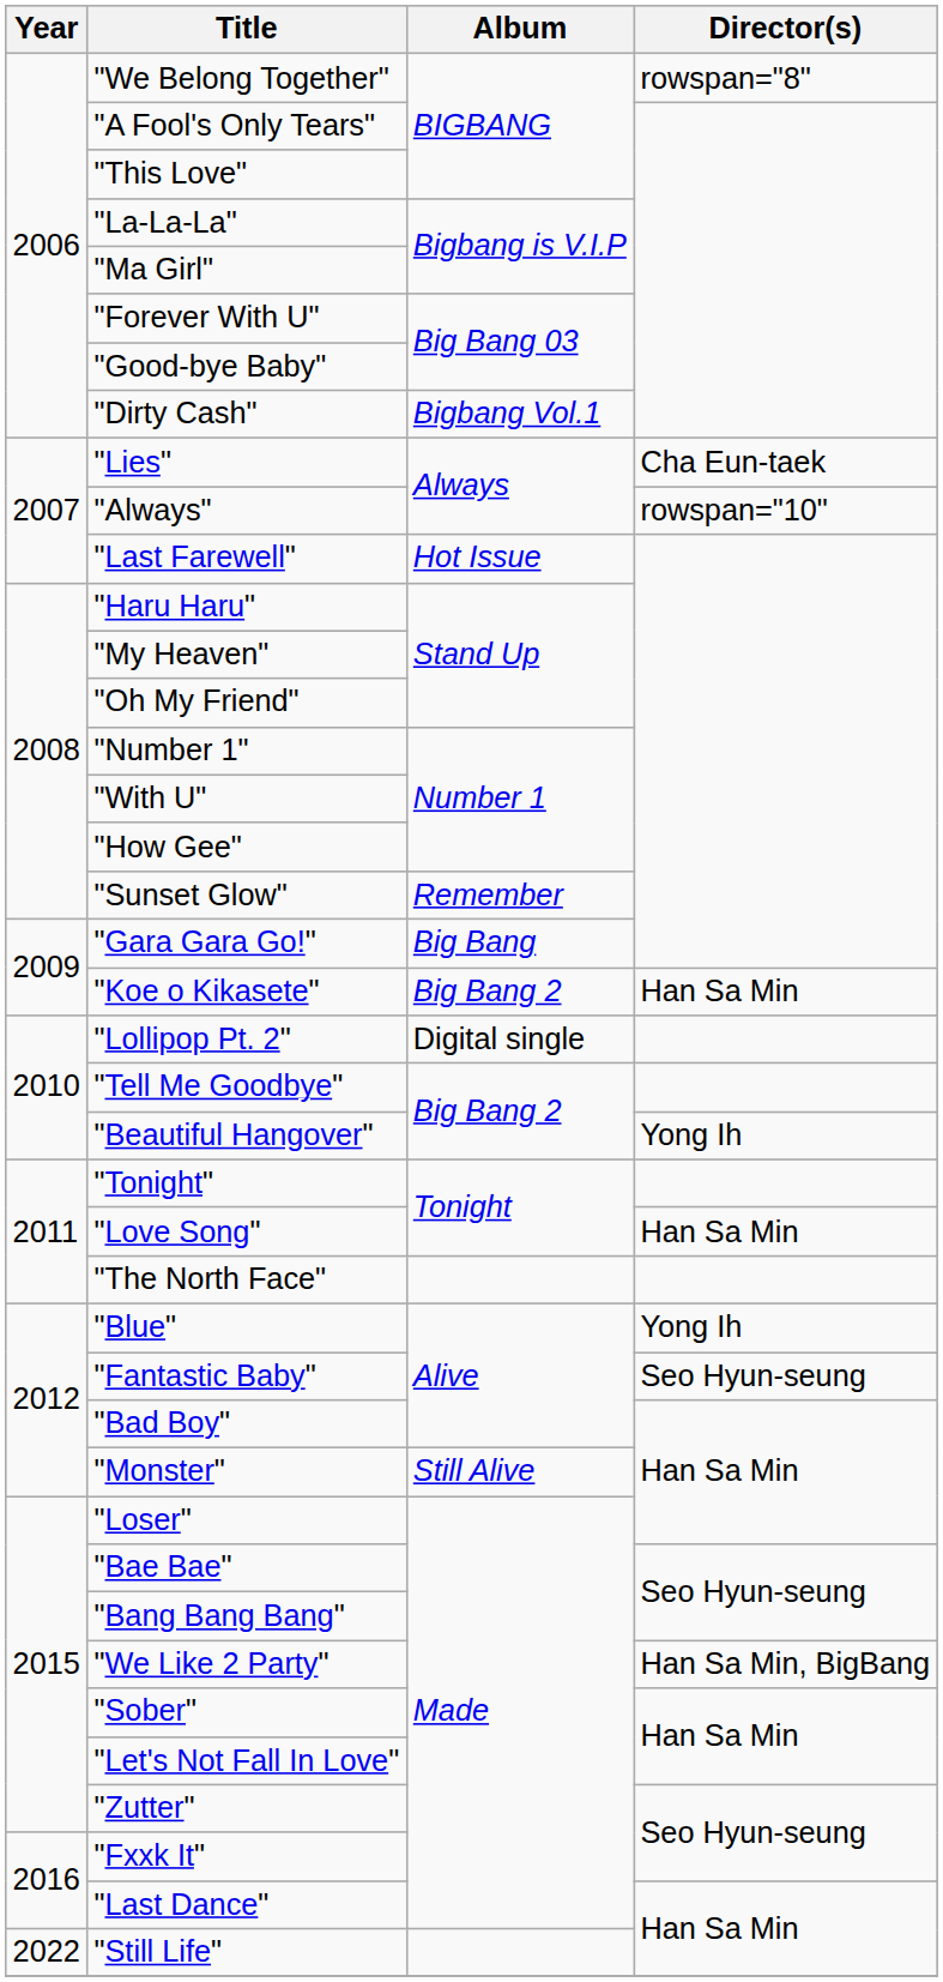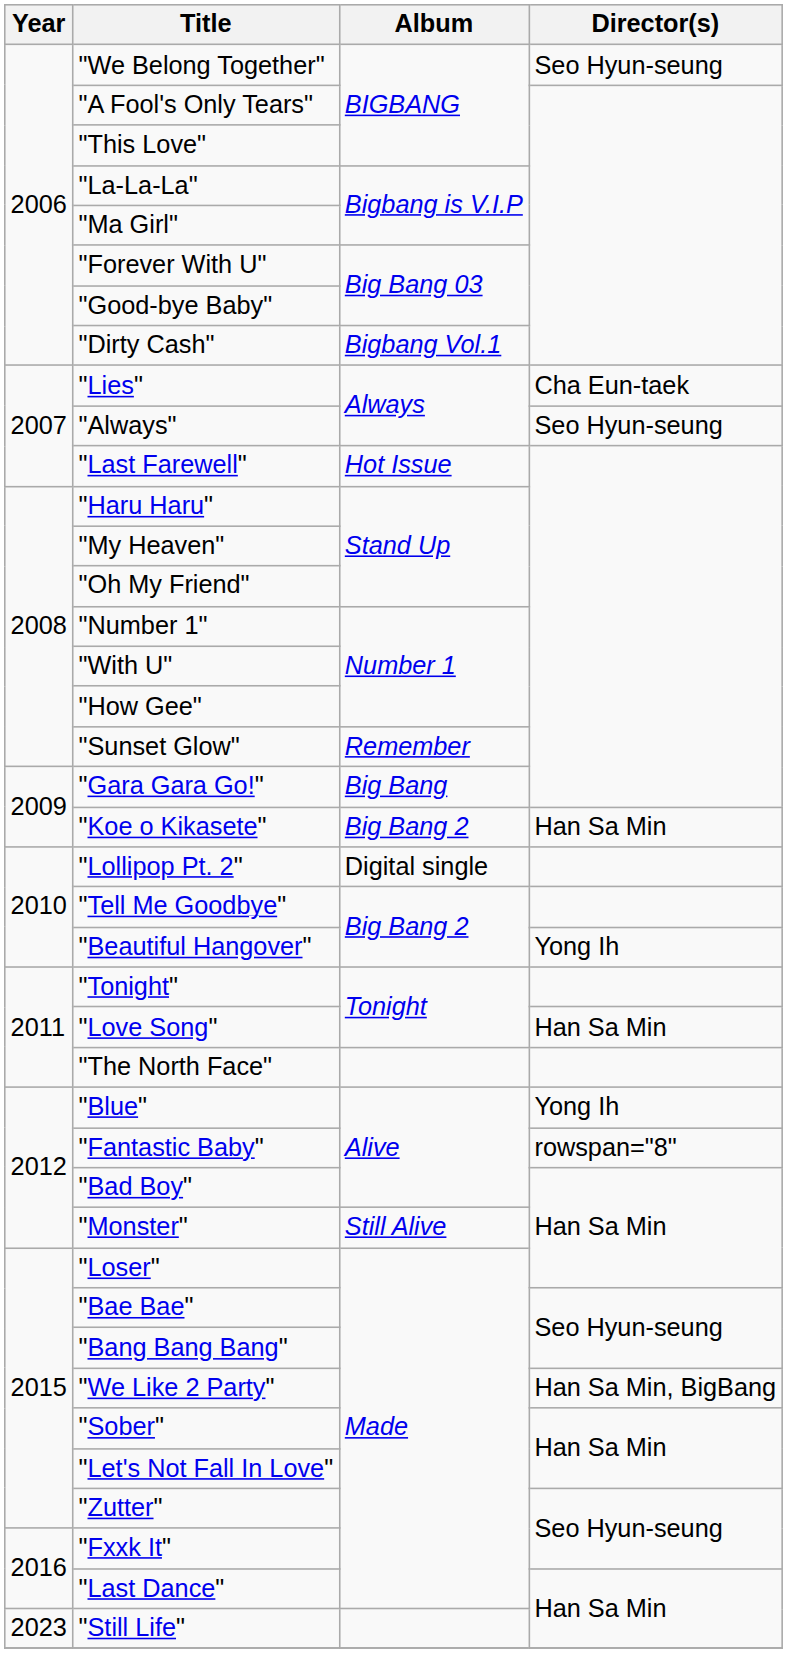 <table class="wikitable plainrowheaders">
 <tr>
 <th scope="col">Year</th>
 <th scope="col">Title</th>
 <th soope="col">Album</th>
 <th scope="col">Director(s)</th>
 </tr>
 <tr>
 <td rowspan="8">2006</td>
 <td>"We Belong Together"</td>
 <td rowspan="3"><em><a href='#'>BIGBANG</a></em></td>
-<td>rowspan="8" </td>
+<td>Seo Hyun-seung</td>
 </tr>
 <tr>
 <td>"A Fool's Only Tears"</td>
 </tr>
 <tr>
 <td>"This Love"</td>
 </tr>
 <tr>
 <td>"La-La-La"</td>
 <td rowspan="2"><em><a href='#'>Bigbang is V.I.P</a></em></td>
 </tr>
 <tr>
 <td>"Ma Girl"</td>
 </tr>
 <tr>
 <td>"Forever With U"</td>
 <td rowspan="2"><em><a href='#'>Big Bang 03</a></em></td>
 </tr>
 <tr>
 <td>"Good-bye Baby"</td>
 </tr>
 <tr>
 <td>"Dirty Cash"</td>
 <td><em><a href='#'>Bigbang Vol.1</a></em></td>
 </tr>
 <tr>
 <td rowspan="3">2007</td>
 <td>"<a href='#'>Lies</a>"</td>
 <td rowspan="2"><em><a href='#'>Always</a></em></td>
 <td>Cha Eun-taek</td>
 </tr>
 <tr>
 <td>"Always"</td>
-<td>rowspan="10" </td>
+<td>Seo Hyun-seung</td>
 </tr>
 <tr>
 <td>"<a href='#'>Last Farewell</a>"</td>
 <td rowspan="1"><em><a href='#'>Hot Issue</a></em></td>
 </tr>
 <tr>
 <td rowspan="7">2008</td>
 <td>"<a href='#'>Haru Haru</a>"</td>
 <td rowspan="3"><em><a href='#'>Stand Up</a></em></td>
 </tr>
 <tr>
 <td>"My Heaven"</td>
 </tr>
 <tr>
 <td>"Oh My Friend"</td>
 </tr>
 <tr>
 <td>"Number 1"</td>
 <td rowspan="3"><em><a href='#'>Number 1</a></em></td>
 </tr>
 <tr>
 <td>"With U"</td>
 </tr>
 <tr>
 <td>"How Gee"</td>
 </tr>
 <tr>
 <td>"Sunset Glow"</td>
 <td rowspan="1"><em><a href='#'>Remember</a></em></td>
 </tr>
 <tr>
 <td rowspan="2">2009</td>
 <td>"<a href='#'>Gara Gara Go!</a>"</td>
 <td rowspan="1"><em><a href='#'>Big Bang</a></em></td>
 </tr>
 <tr>
 <td>"<a href='#'>Koe o Kikasete</a>"</td>
 <td><em><a href='#'>Big Bang 2</a></em></td>
 <td>Han Sa Min</td>
 </tr>
 <tr>
 <td rowspan="3">2010</td>
 <td>"<a href='#'>Lollipop Pt. 2</a>"</td>
 <td>Digital single</td>
 <td></td>
 </tr>
 <tr>
 <td>"<a href='#'>Tell Me Goodbye</a>"</td>
 <td rowspan="2"><em><a href='#'>Big Bang 2</a></em></td>
 <td></td>
 </tr>
 <tr>
 <td>"<a href='#'>Beautiful Hangover</a>"</td>
 <td>Yong Ih</td>
 </tr>
 <tr>
 <td rowspan="3">2011</td>
 <td>"<a href='#'>Tonight</a>"</td>
 <td rowspan="2"><em><a href='#'>Tonight</a></em></td>
 <td></td>
 </tr>
 <tr>
 <td>"<a href='#'>Love Song</a>"</td>
 <td>Han Sa Min</td>
 </tr>
 <tr>
 <td>"The North Face"</td>
 <td></td>
 <td></td>
 </tr>
 <tr>
 <td rowspan="4">2012</td>
 <td>"<a href='#'>Blue</a>"</td>
 <td rowspan="3"><em><a href='#'>Alive</a></em></td>
 <td>Yong Ih</td>
 </tr>
 <tr>
 <td>"<a href='#'>Fantastic Baby</a>"</td>
-<td>Seo Hyun-seung</td>
+<td>rowspan="8" </td>
 </tr>
 <tr>
 <td>"<a href='#'>Bad Boy</a>"</td>
 <td rowspan="3">Han Sa Min</td>
 </tr>
 <tr>
 <td>"<a href='#'>Monster</a>"</td>
 <td rowspan="1"><em><a href='#'>Still Alive</a></em></td>
 </tr>
 <tr>
 <td rowspan="7">2015</td>
 <td>"<a href='#'>Loser</a>"</td>
 <td rowspan="9"><em><a href='#'>Made</a></em></td>
 </tr>
 <tr>
 <td>"<a href='#'>Bae Bae</a>"</td>
 <td rowspan="2">Seo Hyun-seung</td>
 </tr>
 <tr>
 <td>"<a href='#'>Bang Bang Bang</a>"</td>
 </tr>
 <tr>
 <td>"<a href='#'>We Like 2 Party</a>"</td>
 <td>Han Sa Min, BigBang</td>
 </tr>
 <tr>
 <td>"<a href='#'>Sober</a>"</td>
 <td rowspan="2">Han Sa Min</td>
 </tr>
 <tr>
 <td>"<a href='#'>Let's Not Fall In Love</a>"</td>
 </tr>
 <tr>
 <td>"<a href='#'>Zutter</a>"</td>
 <td rowspan="2">Seo Hyun-seung</td>
 </tr>
 <tr>
 <td rowspan="2">2016</td>
 <td>"<a href='#'>Fxxk It</a>"</td>
 </tr>
 <tr>
 <td>"<a href='#'>Last Dance</a>"</td>
 <td rowspan="2">Han Sa Min</td>
 </tr>
 <tr>
-<td>2022</td>
+<td>2023</td>
 <td>"<a href='#'>Still Life</a>"</td>
 <td></td>
 </tr>
 <tr>
 </tr>
 </table>
